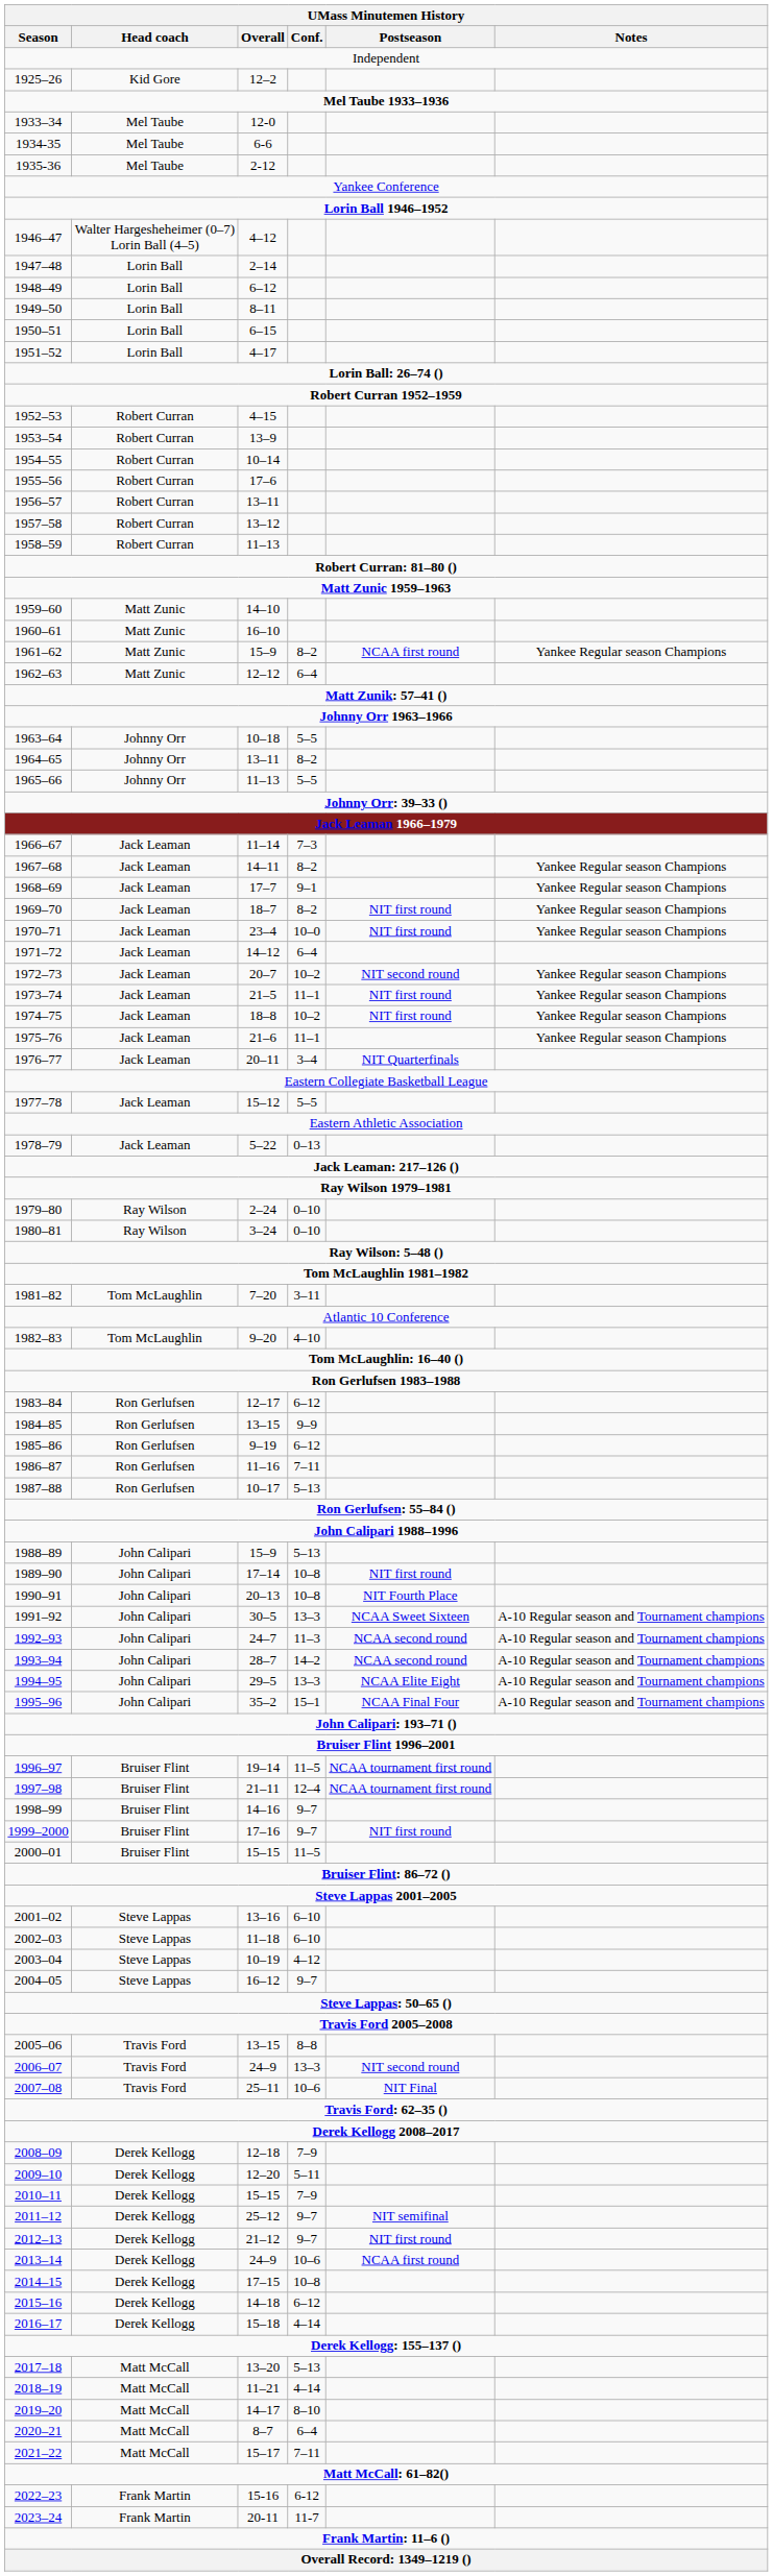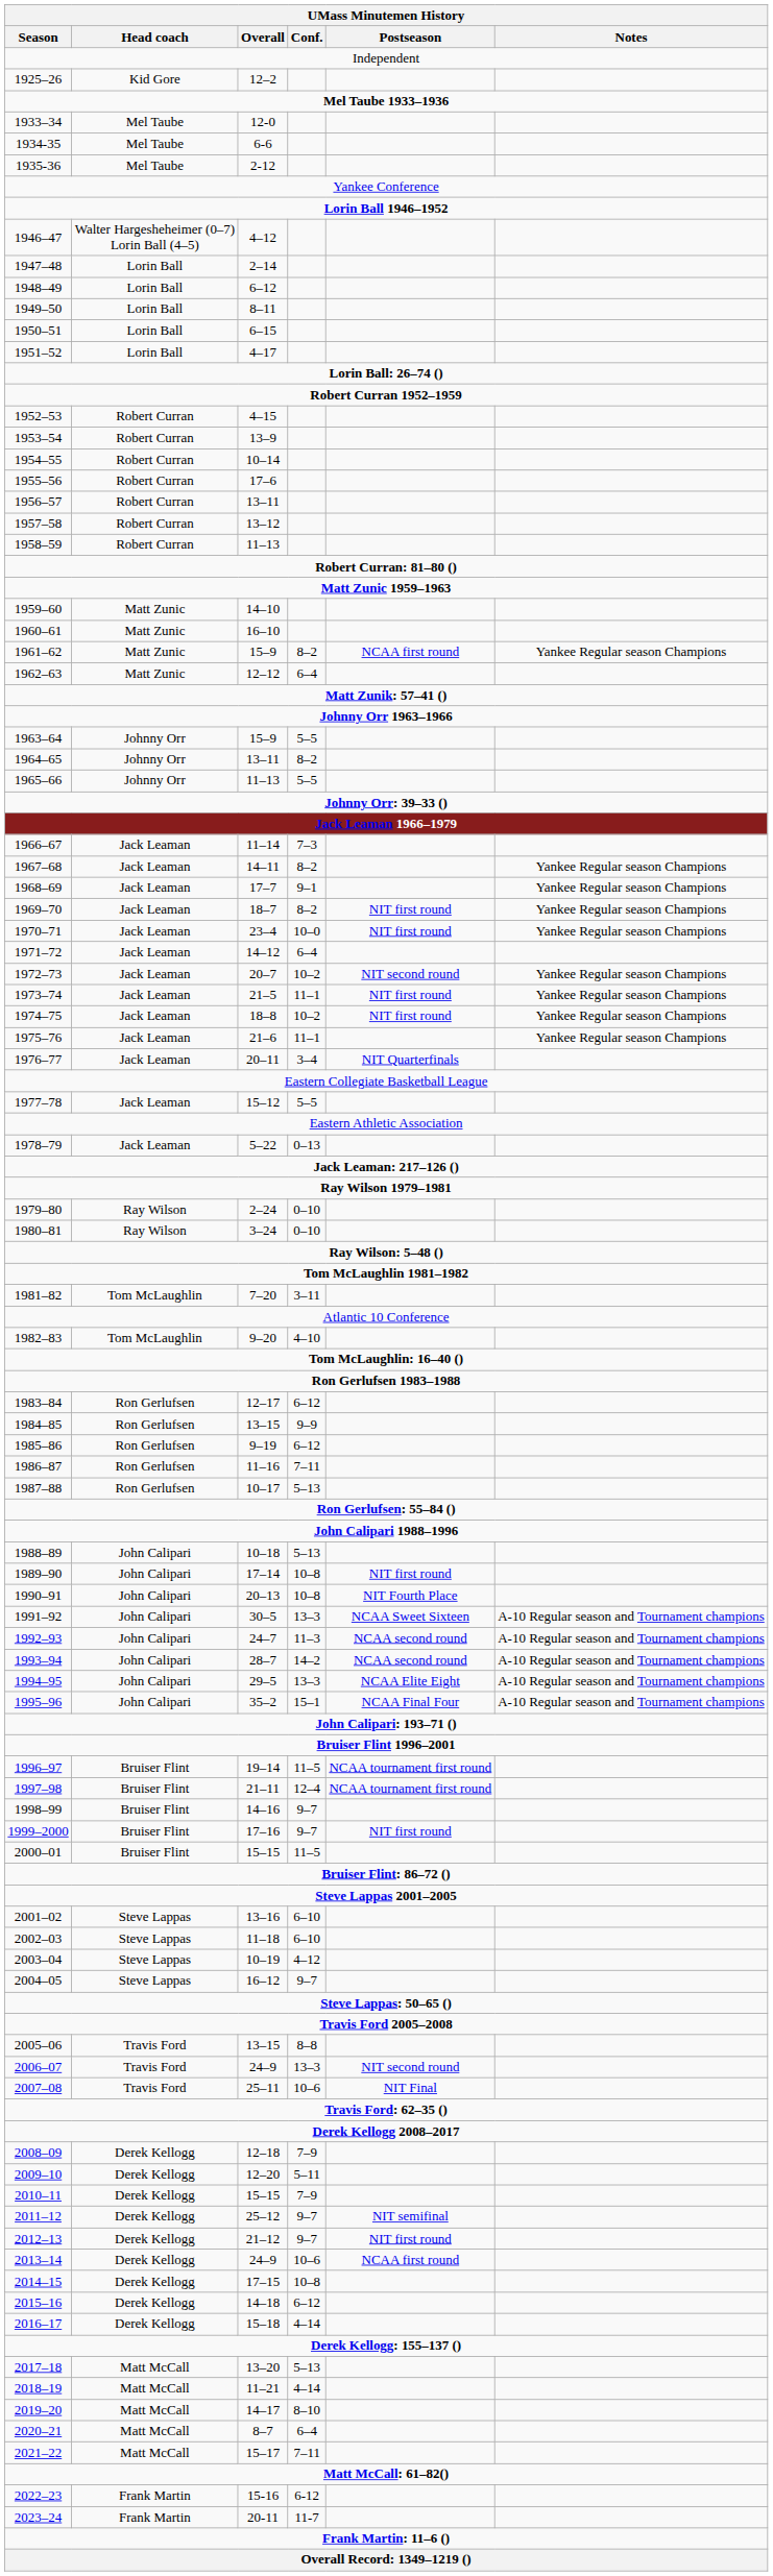 <table class="wikitable" style="text-align:center;">
 <tr>
 <th colspan=6 style="background:#"><strong>UMass Minutemen History</strong></th>
 </tr>
 <tr>
 <th>Season</th>
 <th>Head coach</th>
 <th>Overall</th>
 <th>Conf.</th>
 <th>Postseason</th>
 <th>Notes</th>
 </tr>
 <tr>
 <td colspan=6 style="background:#">Independent</td>
 </tr>
 <tr>
 <td>1925–26</td>
 <td>Kid Gore</td>
 <td>12–2</td>
 <td></td>
 <td></td>
 <td></td>
 </tr>
 <tr>
 <td colspan=6 style="background:#"><strong>Mel Taube 1933–1936</strong></td>
 </tr>
 <tr>
 <td>1933–34</td>
 <td>Mel Taube</td>
 <td>12-0</td>
 <td></td>
 <td></td>
 <td></td>
 </tr>
 <tr>
 <td>1934-35</td>
 <td>Mel Taube</td>
 <td>6-6</td>
 <td></td>
 <td></td>
 <td></td>
 </tr>
 <tr>
 <td>1935-36</td>
 <td>Mel Taube</td>
 <td>2-12</td>
 <td></td>
 <td></td>
 <td></td>
 </tr>
 <tr>
 <td colspan=6 style="background:#"><a href='#'><span>Yankee Conference</span></a></td>
 </tr>
 <tr>
 <td colspan=6 style="background:#"><strong><a href='#'><span>Lorin Ball</span></a> 1946–1952</strong></td>
 </tr>
 <tr>
 <td>1946–47</td>
 <td>Walter Hargesheheimer (0–7)<br>Lorin Ball (4–5)</td>
 <td>4–12</td>
 <td></td>
 <td></td>
 <td></td>
 </tr>
 <tr>
 <td>1947–48</td>
 <td>Lorin Ball</td>
 <td>2–14</td>
 <td></td>
 <td></td>
 <td></td>
 </tr>
 <tr>
 <td>1948–49</td>
 <td>Lorin Ball</td>
 <td>6–12</td>
 <td></td>
 <td></td>
 <td></td>
 </tr>
 <tr>
 <td>1949–50</td>
 <td>Lorin Ball</td>
 <td>8–11</td>
 <td></td>
 <td></td>
 <td></td>
 </tr>
 <tr>
 <td>1950–51</td>
 <td>Lorin Ball</td>
 <td>6–15</td>
 <td></td>
 <td></td>
 <td></td>
 </tr>
 <tr>
 <td>1951–52</td>
 <td>Lorin Ball</td>
 <td>4–17</td>
 <td></td>
 <td></td>
 <td></td>
 </tr>
 <tr>
 <td colspan=6 style="background:#"><strong>Lorin Ball: 26–74 ()</strong></td>
 </tr>
 <tr>
 <td colspan=6 style="background:#"><strong>Robert Curran 1952–1959</strong></td>
 </tr>
 <tr>
 <td>1952–53</td>
 <td>Robert Curran</td>
 <td>4–15</td>
 <td></td>
 <td></td>
 <td></td>
 </tr>
 <tr>
 <td>1953–54</td>
 <td>Robert Curran</td>
 <td>13–9</td>
 <td></td>
 <td></td>
 <td></td>
 </tr>
 <tr>
 <td>1954–55</td>
 <td>Robert Curran</td>
 <td>10–14</td>
 <td></td>
 <td></td>
 <td></td>
 </tr>
 <tr>
 <td>1955–56</td>
 <td>Robert Curran</td>
 <td>17–6</td>
 <td></td>
 <td></td>
 <td></td>
 </tr>
 <tr>
 <td>1956–57</td>
 <td>Robert Curran</td>
 <td>13–11</td>
 <td></td>
 <td></td>
 <td></td>
 </tr>
 <tr>
 <td>1957–58</td>
 <td>Robert Curran</td>
 <td>13–12</td>
 <td></td>
 <td></td>
 <td></td>
 </tr>
 <tr>
 <td>1958–59</td>
 <td>Robert Curran</td>
 <td>11–13</td>
 <td></td>
 <td></td>
 <td></td>
 </tr>
 <tr>
 <td colspan=6 style="background:#"><strong>Robert Curran: 81–80 ()</strong></td>
 </tr>
 <tr>
 <td colspan=6 style="background:#"><strong><a href='#'><span>Matt Zunic</span></a> 1959–1963</strong></td>
 </tr>
 <tr>
 <td>1959–60</td>
 <td>Matt Zunic</td>
 <td>14–10</td>
 <td></td>
 <td></td>
 <td></td>
 </tr>
 <tr>
 <td>1960–61</td>
 <td>Matt Zunic</td>
 <td>16–10</td>
 <td></td>
 <td></td>
 <td></td>
 </tr>
 <tr>
 <td>1961–62</td>
 <td>Matt Zunic</td>
 <td>15–9</td>
 <td>8–2</td>
 <td><a href='#'>NCAA first round</a></td>
 <td>Yankee Regular season Champions</td>
 </tr>
 <tr>
 <td>1962–63</td>
 <td>Matt Zunic</td>
 <td>12–12</td>
 <td>6–4</td>
 <td></td>
 <td></td>
 </tr>
 <tr>
 <td colspan=6 style="background:#"><strong><a href='#'><span>Matt Zunik</span></a>: 57–41 ()</strong></td>
 </tr>
 <tr>
 <td colspan=6 style="background:#"><strong><a href='#'><span>Johnny Orr</span></a> 1963–1966</strong></td>
 </tr>
 <tr>
 <td>1963–64</td>
 <td>Johnny Orr</td>
-<td>10–18</td>
+<td>15–9</td>
 <td>5–5</td>
 <td></td>
 <td></td>
 </tr>
 <tr>
 <td>1964–65</td>
 <td>Johnny Orr</td>
 <td>13–11</td>
 <td>8–2</td>
 <td></td>
 <td></td>
 </tr>
 <tr>
 <td>1965–66</td>
 <td>Johnny Orr</td>
 <td>11–13</td>
 <td>5–5</td>
 <td></td>
 <td></td>
 </tr>
 <tr>
 <td colspan=6 style="background:#"><strong><a href='#'><span>Johnny Orr</span></a>: 39–33 ()</strong></td>
 </tr>
 <tr>
 <td colspan=6 style="background:#881c1c; color:#FFFFFF;"><strong><a href='#'><span>Jack Leaman</span></a> 1966–1979</strong></td>
 </tr>
 <tr>
 <td>1966–67</td>
 <td>Jack Leaman</td>
 <td>11–14</td>
 <td>7–3</td>
 <td></td>
 <td></td>
 </tr>
 <tr>
 <td>1967–68</td>
 <td>Jack Leaman</td>
 <td>14–11</td>
 <td>8–2</td>
 <td></td>
 <td>Yankee Regular season Champions</td>
 </tr>
 <tr>
 <td>1968–69</td>
 <td>Jack Leaman</td>
 <td>17–7</td>
 <td>9–1</td>
 <td></td>
 <td>Yankee Regular season Champions</td>
 </tr>
 <tr>
 <td>1969–70</td>
 <td>Jack Leaman</td>
 <td>18–7</td>
 <td>8–2</td>
 <td><a href='#'>NIT first round</a></td>
 <td>Yankee Regular season Champions</td>
 </tr>
 <tr>
 <td>1970–71</td>
 <td>Jack Leaman</td>
 <td>23–4</td>
 <td>10–0</td>
 <td><a href='#'>NIT first round</a></td>
 <td>Yankee Regular season Champions</td>
 </tr>
 <tr>
 <td>1971–72</td>
 <td>Jack Leaman</td>
 <td>14–12</td>
 <td>6–4</td>
 <td></td>
 <td></td>
 </tr>
 <tr>
 <td>1972–73</td>
 <td>Jack Leaman</td>
 <td>20–7</td>
 <td>10–2</td>
 <td><a href='#'>NIT second round</a></td>
 <td>Yankee Regular season Champions</td>
 </tr>
 <tr>
 <td>1973–74</td>
 <td>Jack Leaman</td>
 <td>21–5</td>
 <td>11–1</td>
 <td><a href='#'>NIT first round</a></td>
 <td>Yankee Regular season Champions</td>
 </tr>
 <tr>
 <td>1974–75</td>
 <td>Jack Leaman</td>
 <td>18–8</td>
 <td>10–2</td>
 <td><a href='#'>NIT first round</a></td>
 <td>Yankee Regular season Champions</td>
 </tr>
 <tr>
 <td>1975–76</td>
 <td>Jack Leaman</td>
 <td>21–6</td>
 <td>11–1</td>
 <td></td>
 <td>Yankee Regular season Champions</td>
 </tr>
 <tr>
 <td>1976–77</td>
 <td>Jack Leaman</td>
 <td>20–11</td>
 <td>3–4</td>
 <td><a href='#'>NIT Quarterfinals</a></td>
 <td></td>
 </tr>
 <tr>
 <td colspan=6 style="background:#"><a href='#'><span>Eastern Collegiate Basketball League</span></a></td>
 </tr>
 <tr>
 <td>1977–78</td>
 <td>Jack Leaman</td>
 <td>15–12</td>
 <td>5–5</td>
 <td></td>
 <td></td>
 </tr>
 <tr>
 <td colspan=6 style="background:#"><a href='#'><span>Eastern Athletic Association</span></a></td>
 </tr>
 <tr>
 <td>1978–79</td>
 <td>Jack Leaman</td>
 <td>5–22</td>
 <td>0–13</td>
 <td></td>
 <td></td>
 </tr>
 <tr>
 <td colspan=6 style="background:#"><strong>Jack Leaman: 217–126 ()</strong></td>
 </tr>
 <tr>
 <td colspan=6 style="background:#"><strong>Ray Wilson 1979–1981</strong></td>
 </tr>
 <tr>
 <td>1979–80</td>
 <td>Ray Wilson</td>
 <td>2–24</td>
 <td>0–10</td>
 <td></td>
 <td></td>
 </tr>
 <tr>
 <td>1980–81</td>
 <td>Ray Wilson</td>
 <td>3–24</td>
 <td>0–10</td>
 <td></td>
 <td></td>
 </tr>
 <tr>
 <td colspan=6 style="background:#"><strong>Ray Wilson: 5–48 ()</strong></td>
 </tr>
 <tr>
 <td colspan=6 style="background:#"><strong>Tom McLaughlin 1981–1982</strong></td>
 </tr>
 <tr>
 <td>1981–82</td>
 <td>Tom McLaughlin</td>
 <td>7–20</td>
 <td>3–11</td>
 <td></td>
 <td></td>
 </tr>
 <tr>
 <td colspan=6><a href='#'><span>Atlantic 10 Conference</span></a></td>
 </tr>
 <tr>
 <td>1982–83</td>
 <td>Tom McLaughlin</td>
 <td>9–20</td>
 <td>4–10</td>
 <td></td>
 <td></td>
 </tr>
 <tr>
 <td colspan=6 style="background:#"><strong>Tom McLaughlin: 16–40 ()</strong></td>
 </tr>
 <tr>
 <td colspan=6 style="background:#"><strong>Ron Gerlufsen 1983–1988</strong></td>
 </tr>
 <tr>
 <td>1983–84</td>
 <td>Ron Gerlufsen</td>
 <td>12–17</td>
 <td>6–12</td>
 <td></td>
 <td></td>
 </tr>
 <tr>
 <td>1984–85</td>
 <td>Ron Gerlufsen</td>
 <td>13–15</td>
 <td>9–9</td>
 <td></td>
 <td></td>
 </tr>
 <tr>
 <td>1985–86</td>
 <td>Ron Gerlufsen</td>
 <td>9–19</td>
 <td>6–12</td>
 <td></td>
 <td></td>
 </tr>
 <tr>
 <td>1986–87</td>
 <td>Ron Gerlufsen</td>
 <td>11–16</td>
 <td>7–11</td>
 <td></td>
 <td></td>
 </tr>
 <tr>
 <td>1987–88</td>
 <td>Ron Gerlufsen</td>
 <td>10–17</td>
 <td>5–13</td>
 <td></td>
 <td></td>
 </tr>
 <tr>
 <td colspan=6 style="background:#"><strong><a href='#'><span>Ron Gerlufsen</span></a>: 55–84 ()</strong></td>
 </tr>
 <tr>
 <td colspan=6 style="background:#"><strong><a href='#'><span>John Calipari</span></a> 1988–1996</strong></td>
 </tr>
 <tr>
 <td>1988–89</td>
 <td>John Calipari</td>
-<td>15–9</td>
+<td>10–18</td>
 <td>5–13</td>
 <td></td>
 <td></td>
 </tr>
 <tr>
 <td>1989–90</td>
 <td>John Calipari</td>
 <td>17–14</td>
 <td>10–8</td>
 <td><a href='#'>NIT first round</a></td>
 <td></td>
 </tr>
 <tr>
 <td>1990–91</td>
 <td>John Calipari</td>
 <td>20–13</td>
 <td>10–8</td>
 <td><a href='#'>NIT Fourth Place</a></td>
 <td></td>
 </tr>
 <tr>
 <td>1991–92</td>
 <td>John Calipari</td>
 <td>30–5</td>
 <td>13–3</td>
 <td><a href='#'>NCAA Sweet Sixteen</a></td>
 <td>A-10 Regular season and <a href='#'>Tournament champions</a></td>
 </tr>
 <tr>
 <td><a href='#'>1992–93</a></td>
 <td>John Calipari</td>
 <td>24–7</td>
 <td>11–3</td>
 <td><a href='#'>NCAA second round</a></td>
 <td>A-10 Regular season and <a href='#'>Tournament champions</a></td>
 </tr>
 <tr>
 <td><a href='#'>1993–94</a></td>
 <td>John Calipari</td>
 <td>28–7</td>
 <td>14–2</td>
 <td><a href='#'>NCAA second round</a></td>
 <td>A-10 Regular season and <a href='#'>Tournament champions</a></td>
 </tr>
 <tr>
 <td><a href='#'>1994–95</a></td>
 <td>John Calipari</td>
 <td>29–5</td>
 <td>13–3</td>
 <td><a href='#'>NCAA Elite Eight</a></td>
 <td>A-10 Regular season and <a href='#'>Tournament champions</a></td>
 </tr>
 <tr>
 <td><a href='#'>1995–96</a></td>
 <td>John Calipari</td>
 <td>35–2</td>
 <td>15–1</td>
 <td><a href='#'>NCAA Final Four</a></td>
 <td>A-10 Regular season and <a href='#'>Tournament champions</a></td>
 </tr>
 <tr>
 <td colspan=6 style="background:#"><strong><a href='#'><span>John Calipari</span></a>: 193–71 ()</strong></td>
 </tr>
 <tr>
 <td colspan=6 style="background:#"><strong><a href='#'><span>Bruiser Flint</span></a> 1996–2001</strong></td>
 </tr>
 <tr>
 <td><a href='#'>1996–97</a></td>
 <td>Bruiser Flint</td>
 <td>19–14</td>
 <td>11–5</td>
 <td><a href='#'>NCAA tournament first round</a></td>
 <td></td>
 </tr>
 <tr>
 <td><a href='#'>1997–98</a></td>
 <td>Bruiser Flint</td>
 <td>21–11</td>
 <td>12–4</td>
 <td><a href='#'>NCAA tournament first round</a></td>
 <td></td>
 </tr>
 <tr>
 <td>1998–99</td>
 <td>Bruiser Flint</td>
 <td>14–16</td>
 <td>9–7</td>
 <td></td>
 <td></td>
 </tr>
 <tr>
 <td><a href='#'>1999–2000</a></td>
 <td>Bruiser Flint</td>
 <td>17–16</td>
 <td>9–7</td>
 <td><a href='#'>NIT first round</a></td>
 <td></td>
 </tr>
 <tr>
 <td>2000–01</td>
 <td>Bruiser Flint</td>
 <td>15–15</td>
 <td>11–5</td>
 <td></td>
 <td></td>
 </tr>
 <tr>
 <td colspan=6 style="background:#"><strong><a href='#'><span>Bruiser Flint</span></a>: 86–72 ()</strong></td>
 </tr>
 <tr>
 <td colspan=6 style="background:#"><strong><a href='#'><span>Steve Lappas</span></a> 2001–2005</strong></td>
 </tr>
 <tr>
 <td>2001–02</td>
 <td>Steve Lappas</td>
 <td>13–16</td>
 <td>6–10</td>
 <td></td>
 <td></td>
 </tr>
 <tr>
 <td>2002–03</td>
 <td>Steve Lappas</td>
 <td>11–18</td>
 <td>6–10</td>
 <td></td>
 <td></td>
 </tr>
 <tr>
 <td>2003–04</td>
 <td>Steve Lappas</td>
 <td>10–19</td>
 <td>4–12</td>
 <td></td>
 <td></td>
 </tr>
 <tr>
 <td>2004–05</td>
 <td>Steve Lappas</td>
 <td>16–12</td>
 <td>9–7</td>
 <td></td>
 <td></td>
 </tr>
 <tr>
 <td colspan=6 style="background:#"><strong><a href='#'><span>Steve Lappas</span></a>: 50–65 ()</strong></td>
 </tr>
 <tr>
 <td colspan=6 style="background:#"><strong><a href='#'><span>Travis Ford</span></a> 2005–2008</strong></td>
 </tr>
 <tr>
 <td>2005–06</td>
 <td>Travis Ford</td>
 <td>13–15</td>
 <td>8–8</td>
 <td></td>
 <td></td>
 </tr>
 <tr>
 <td><a href='#'>2006–07</a></td>
 <td>Travis Ford</td>
 <td>24–9</td>
 <td>13–3</td>
 <td><a href='#'>NIT second round</a></td>
 <td></td>
 </tr>
 <tr>
 <td><a href='#'>2007–08</a></td>
 <td>Travis Ford</td>
 <td>25–11</td>
 <td>10–6</td>
 <td><a href='#'>NIT Final</a></td>
 <td></td>
 </tr>
 <tr>
 <td colspan=6 style="background:#"><strong><a href='#'><span>Travis Ford</span></a>: 62–35 ()</strong></td>
 </tr>
 <tr>
 <td colspan=6 style="background:#"><strong><a href='#'><span>Derek Kellogg</span></a> 2008–2017</strong></td>
 </tr>
 <tr>
 <td><a href='#'>2008–09</a></td>
 <td>Derek Kellogg</td>
 <td>12–18</td>
 <td>7–9</td>
 <td></td>
 <td></td>
 </tr>
 <tr>
 <td><a href='#'>2009–10</a></td>
 <td>Derek Kellogg</td>
 <td>12–20</td>
 <td>5–11</td>
 <td></td>
 <td></td>
 </tr>
 <tr>
 <td><a href='#'>2010–11</a></td>
 <td>Derek Kellogg</td>
 <td>15–15</td>
 <td>7–9</td>
 <td></td>
 <td></td>
 </tr>
 <tr>
 <td><a href='#'>2011–12</a></td>
 <td>Derek Kellogg</td>
 <td>25–12</td>
 <td>9–7</td>
 <td><a href='#'>NIT semifinal</a></td>
 <td></td>
 </tr>
 <tr>
 <td><a href='#'>2012–13</a></td>
 <td>Derek Kellogg</td>
 <td>21–12</td>
 <td>9–7</td>
 <td><a href='#'>NIT first round</a></td>
 <td></td>
 </tr>
 <tr>
 <td><a href='#'>2013–14</a></td>
 <td>Derek Kellogg</td>
 <td>24–9</td>
 <td>10–6</td>
 <td><a href='#'>NCAA first round</a></td>
 <td></td>
 </tr>
 <tr>
 <td><a href='#'>2014–15</a></td>
 <td>Derek Kellogg</td>
 <td>17–15</td>
 <td>10–8</td>
 <td></td>
 <td></td>
 </tr>
 <tr>
 <td><a href='#'>2015–16</a></td>
 <td>Derek Kellogg</td>
 <td>14–18</td>
 <td>6–12</td>
 <td></td>
 <td></td>
 </tr>
 <tr>
 <td><a href='#'>2016–17</a></td>
 <td>Derek Kellogg</td>
 <td>15–18</td>
 <td>4–14</td>
 <td></td>
 <td></td>
 </tr>
 <tr>
 <td colspan=6 style="background:#"><strong><a href='#'><span>Derek Kellogg</span></a>: 155–137 ()</strong></td>
 </tr>
 <tr>
 <td><a href='#'>2017–18</a></td>
 <td>Matt McCall</td>
 <td>13–20</td>
 <td>5–13</td>
 <td></td>
 <td></td>
 </tr>
 <tr>
 <td><a href='#'>2018–19</a></td>
 <td>Matt McCall</td>
 <td>11–21</td>
 <td>4–14</td>
 <td></td>
 <td></td>
 </tr>
 <tr>
 <td><a href='#'>2019–20</a></td>
 <td>Matt McCall</td>
 <td>14–17</td>
 <td>8–10</td>
 <td></td>
 <td></td>
 </tr>
 <tr>
 <td><a href='#'>2020–21</a></td>
 <td>Matt McCall</td>
 <td>8–7</td>
 <td>6–4</td>
 <td></td>
 <td></td>
 </tr>
 <tr>
 <td><a href='#'>2021–22</a></td>
 <td>Matt McCall</td>
 <td>15–17</td>
 <td>7–11</td>
 <td></td>
 <td></td>
 </tr>
 <tr>
 <td colspan=6 style="background:#"><strong><a href='#'><span>Matt McCall</span></a>: 61–82()</strong></td>
 </tr>
 <tr>
 <td><a href='#'>2022–23</a></td>
 <td>Frank Martin</td>
 <td>15-16</td>
 <td>6-12</td>
 <td></td>
 <td></td>
 </tr>
 <tr>
 <td><a href='#'>2023–24</a></td>
 <td>Frank Martin</td>
 <td>20-11</td>
 <td>11-7</td>
 <td></td>
 <td></td>
 </tr>
 <tr>
 <td colspan=6 style="background:#"><strong><a href='#'><span>Frank Martin</span></a>: 11–6 ()</strong></td>
 </tr>
 <tr>
 <th colspan=6 style="background:#"><strong>Overall Record: 1349–1219 ()</strong></th>
 </tr>
 </table>
